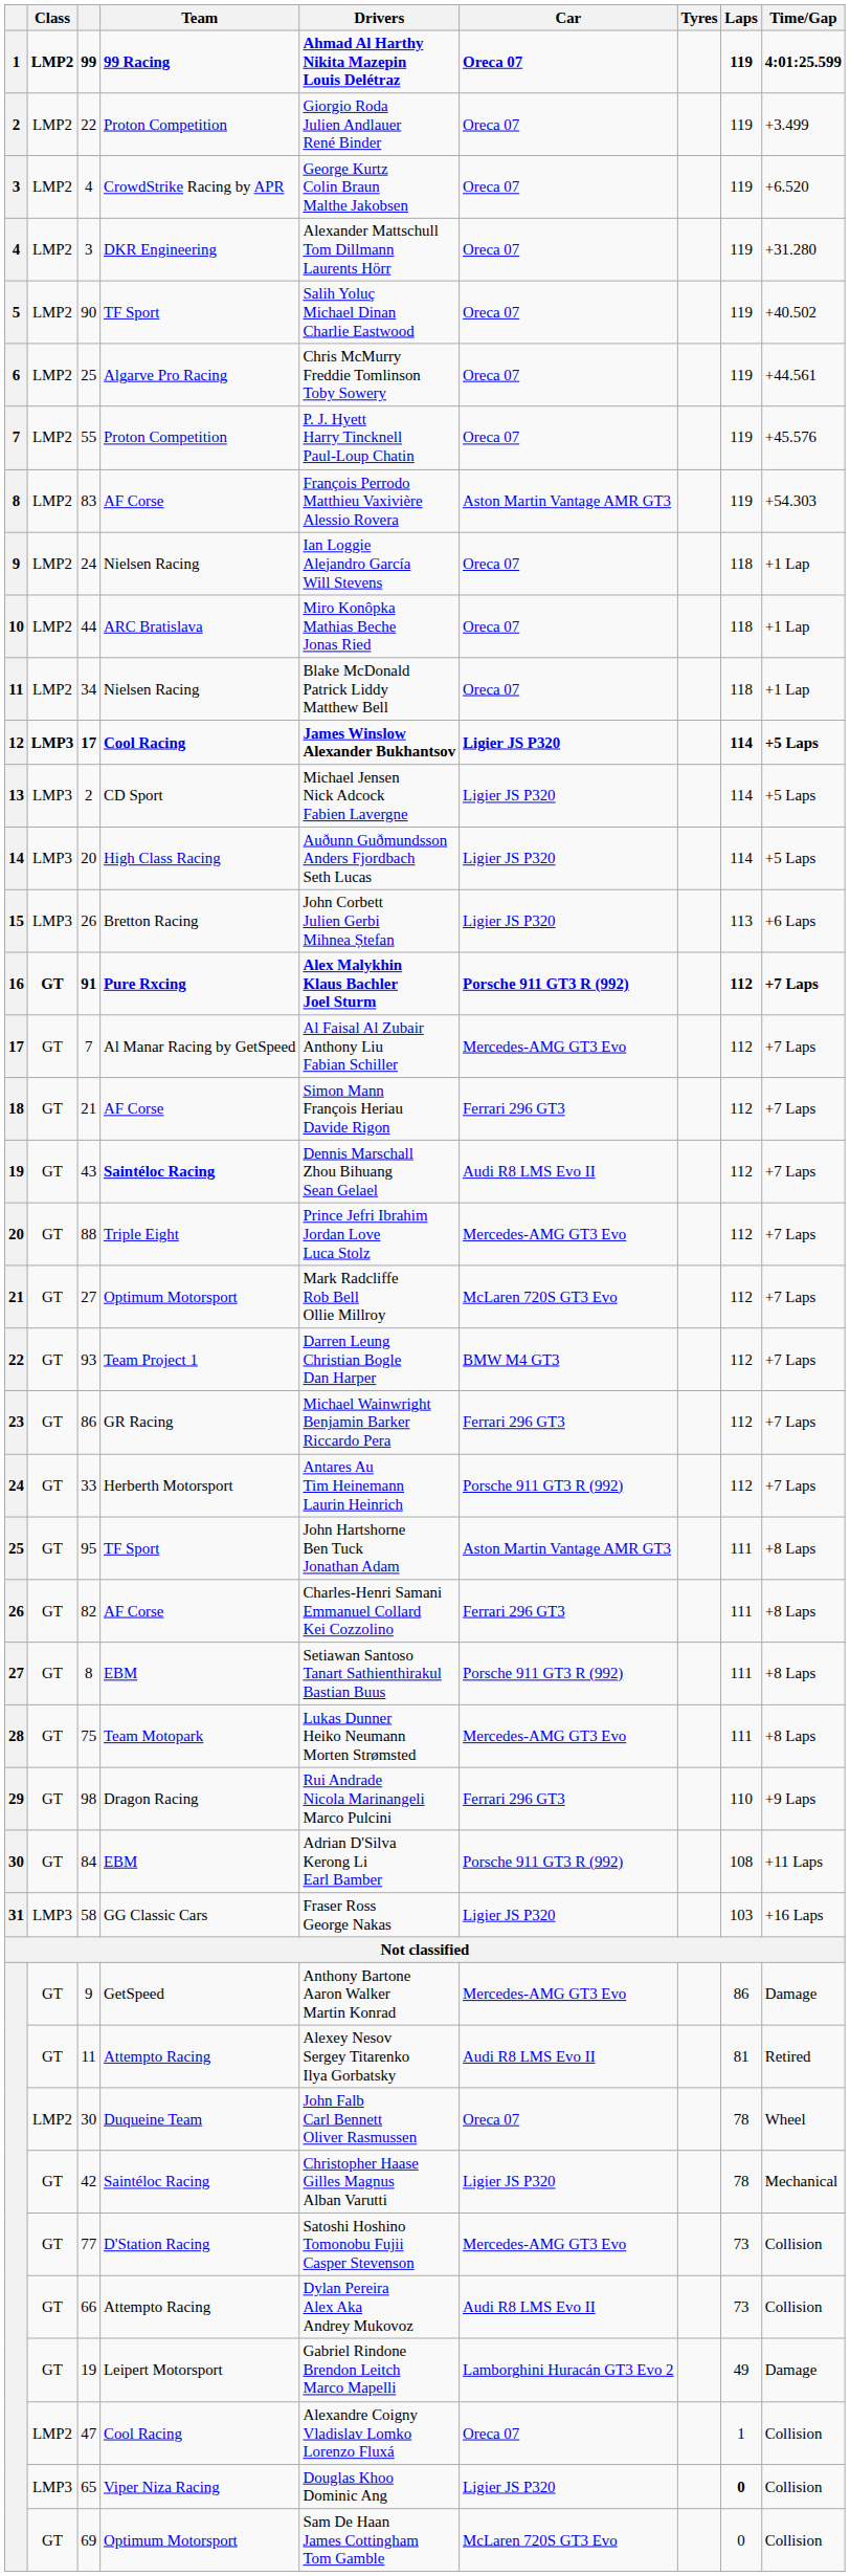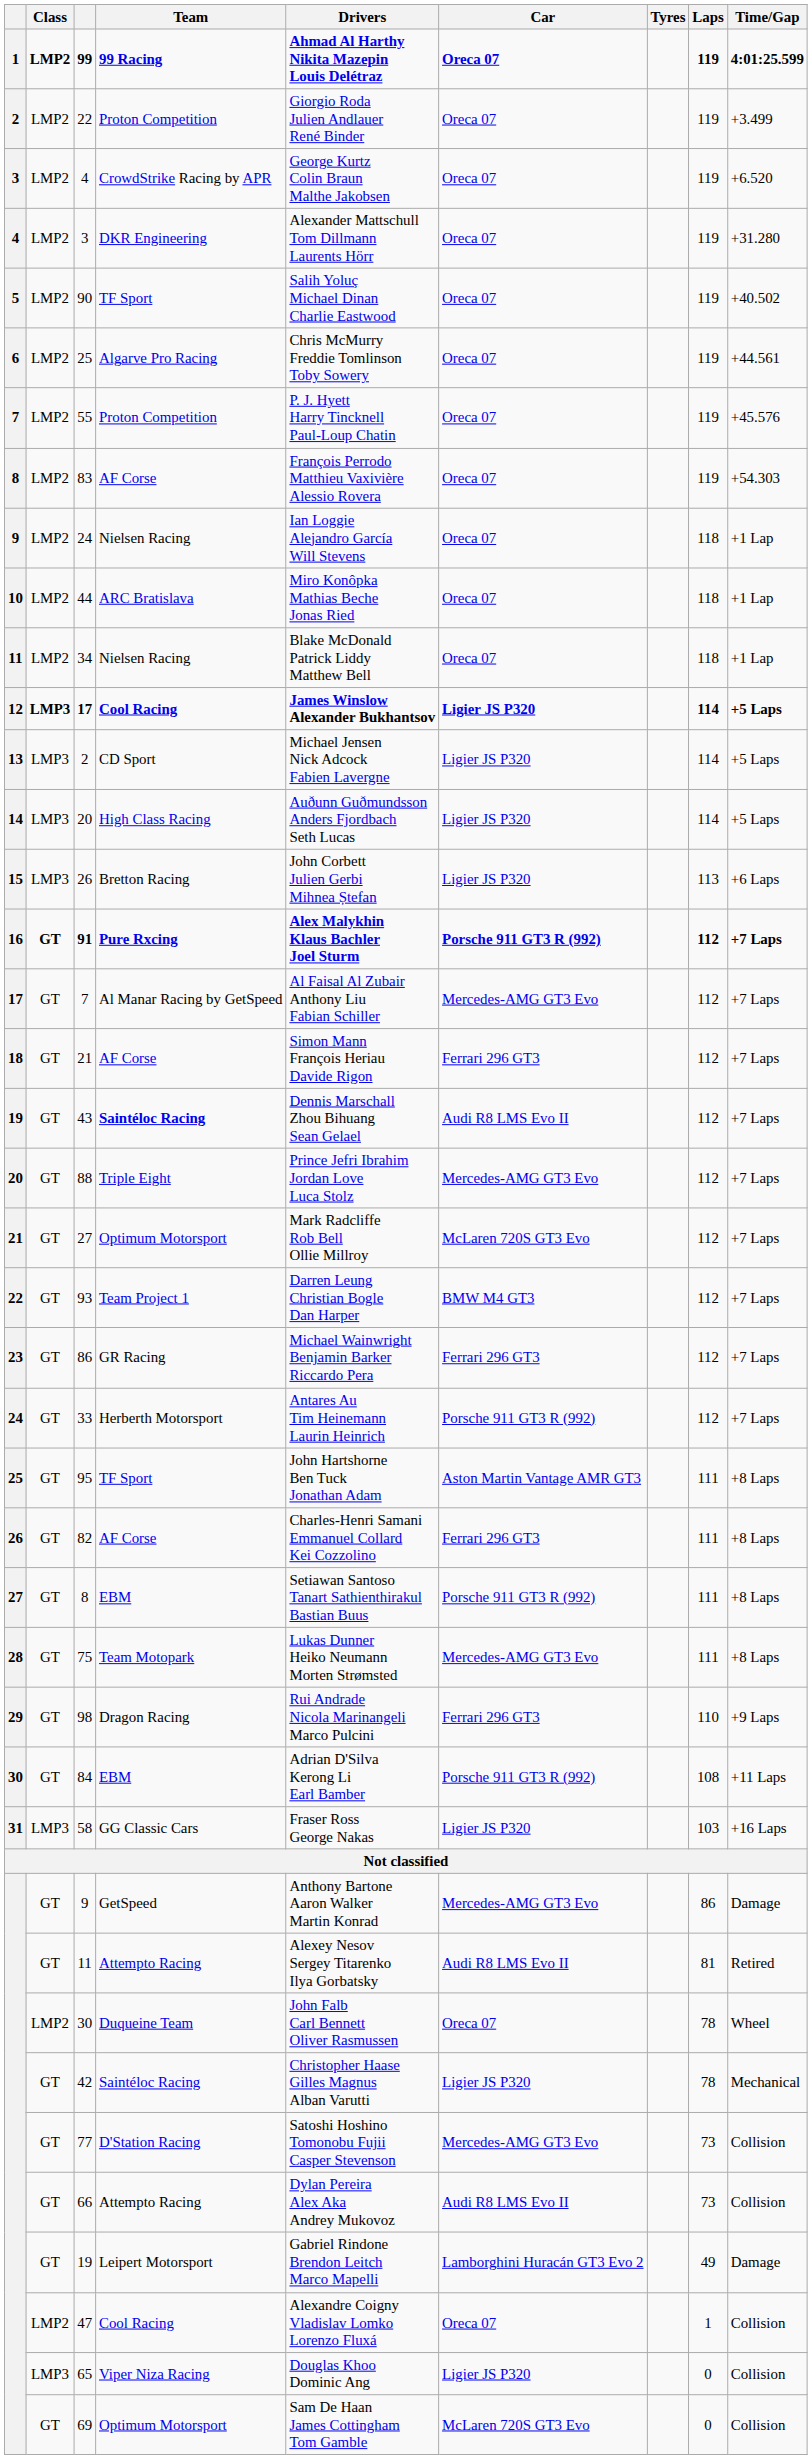 <table class="wikitable" style="font-size:95%;">
 <tr>
 <th></th>
 <th>Class</th>
 <th></th>
 <th>Team</th>
 <th>Drivers</th>
 <th>Car</th>
 <th>Tyres</th>
 <th>Laps</th>
 <th>Time/Gap</th>
 </tr>
 <tr style="font-weight: bold;">
 <th>1</th>
 <td align="center">LMP2</td>
 <td align="center">99</td>
 <td> <a href='#'>99 Racing</a></td>
 <td> <a href='#'>Ahmad Al Harthy</a><br> <a href='#'>Nikita Mazepin</a><br> <a href='#'>Louis Delétraz</a></td>
 <td><a href='#'>Oreca 07</a></td>
 <td align="center"></td>
 <td align="center">119</td>
 <td align="center">4:01:25.599</td>
 </tr>
 <tr>
 <th>2</th>
 <td align="center">LMP2</td>
 <td align="center">22</td>
 <td> <a href='#'>Proton Competition</a></td>
 <td> <a href='#'>Giorgio Roda</a><br> <a href='#'>Julien Andlauer</a><br> <a href='#'>René Binder</a></td>
 <td><a href='#'>Oreca 07</a></td>
 <td align="center"></td>
 <td align="center">119</td>
 <td>+3.499</td>
 </tr>
 <tr>
 <th>3</th>
 <td align="center">LMP2</td>
 <td align="center">4</td>
 <td> <a href='#'>CrowdStrike</a> Racing by <a href='#'>APR</a></td>
 <td> <a href='#'>George Kurtz</a><br> <a href='#'>Colin Braun</a><br> <a href='#'>Malthe Jakobsen</a></td>
 <td><a href='#'>Oreca 07</a></td>
 <td align="center"></td>
 <td align="center">119</td>
 <td>+6.520</td>
 </tr>
 <tr>
 <th>4</th>
 <td align="center">LMP2</td>
 <td align="center">3</td>
 <td> <a href='#'>DKR Engineering</a></td>
 <td> Alexander Mattschull<br> <a href='#'>Tom Dillmann</a><br> <a href='#'>Laurents Hörr</a></td>
 <td><a href='#'>Oreca 07</a></td>
 <td align="center"></td>
 <td align="center">119</td>
 <td>+31.280</td>
 </tr>
 <tr>
 <th>5</th>
 <td align="center">LMP2</td>
 <td align="center">90</td>
 <td> <a href='#'>TF Sport</a></td>
 <td> <a href='#'>Salih Yoluç</a><br> <a href='#'>Michael Dinan</a><br> <a href='#'>Charlie Eastwood</a></td>
 <td><a href='#'>Oreca 07</a></td>
 <td align="center"></td>
 <td align="center">119</td>
 <td>+40.502</td>
 </tr>
 <tr>
 <th>6</th>
 <td align="center">LMP2</td>
 <td align="center">25</td>
 <td> <a href='#'>Algarve Pro Racing</a></td>
 <td> Chris McMurry<br> Freddie Tomlinson<br> <a href='#'>Toby Sowery</a></td>
 <td><a href='#'>Oreca 07</a></td>
 <td align="center"></td>
 <td align="center">119</td>
 <td>+44.561</td>
 </tr>
 <tr>
 <th>7</th>
 <td align="center">LMP2</td>
 <td align="center">55</td>
 <td> <a href='#'>Proton Competition</a></td>
 <td> <a href='#'>P. J. Hyett</a><br> <a href='#'>Harry Tincknell</a><br> <a href='#'>Paul-Loup Chatin</a></td>
 <td><a href='#'>Oreca 07</a></td>
 <td align="center"></td>
 <td align="center">119</td>
 <td>+45.576</td>
 </tr>
 <tr>
 <th>8</th>
 <td align="center">LMP2</td>
 <td align="center">83</td>
 <td> <a href='#'>AF Corse</a></td>
 <td> <a href='#'>François Perrodo</a><br> <a href='#'>Matthieu Vaxivière</a><br> <a href='#'>Alessio Rovera</a></td>
-<td><a href='#'>Aston Martin Vantage AMR GT3</a></td>
+<td><a href='#'>Oreca 07</a></td>
 <td align="center"></td>
 <td align="center">119</td>
 <td>+54.303</td>
 </tr>
 <tr>
 <th>9</th>
 <td align="center">LMP2</td>
 <td align="center">24</td>
 <td> Nielsen Racing</td>
 <td> <a href='#'>Ian Loggie</a><br> <a href='#'>Alejandro García</a><br> <a href='#'>Will Stevens</a></td>
 <td><a href='#'>Oreca 07</a></td>
 <td align="center"></td>
 <td align="center">118</td>
 <td>+1 Lap</td>
 </tr>
 <tr>
 <th>10</th>
 <td align="center">LMP2</td>
 <td align="center">44</td>
 <td> <a href='#'>ARC Bratislava</a></td>
 <td> <a href='#'>Miro Konôpka</a><br> <a href='#'>Mathias Beche</a><br> <a href='#'>Jonas Ried</a></td>
 <td><a href='#'>Oreca 07</a></td>
 <td align="center"></td>
 <td align="center">118</td>
 <td>+1 Lap</td>
 </tr>
 <tr>
 <th>11</th>
 <td align="center">LMP2</td>
 <td align="center">34</td>
 <td> Nielsen Racing</td>
 <td> Blake McDonald<br> Patrick Liddy<br> Matthew Bell</td>
 <td><a href='#'>Oreca 07</a></td>
 <td align="center"></td>
 <td align="center">118</td>
 <td>+1 Lap</td>
 </tr>
 <tr style="font-weight: bold;">
 <th>12</th>
 <td align="center">LMP3</td>
 <td align="center">17</td>
 <td> <a href='#'>Cool Racing</a></td>
 <td> <a href='#'>James Winslow</a><br> Alexander Bukhantsov</td>
 <td><a href='#'>Ligier JS P320</a></td>
 <td align="center"></td>
 <td align="center">114</td>
 <td>+5 Laps</td>
 </tr>
 <tr>
 <th>13</th>
 <td align="center">LMP3</td>
 <td align="center">2</td>
 <td> CD Sport</td>
 <td> Michael Jensen<br> Nick Adcock<br> <a href='#'>Fabien Lavergne</a></td>
 <td><a href='#'>Ligier JS P320</a></td>
 <td align="center"></td>
 <td align="center">114</td>
 <td>+5 Laps</td>
 </tr>
 <tr>
 <th>14</th>
 <td align="center">LMP3</td>
 <td align="center">20</td>
 <td> <a href='#'>High Class Racing</a></td>
 <td> <a href='#'>Auðunn Guðmundsson</a><br> <a href='#'>Anders Fjordbach</a><br> Seth Lucas</td>
 <td><a href='#'>Ligier JS P320</a></td>
 <td align="center"></td>
 <td align="center">114</td>
 <td>+5 Laps</td>
 </tr>
 <tr>
 <th>15</th>
 <td align="center">LMP3</td>
 <td align="center">26</td>
 <td> Bretton Racing</td>
 <td> John Corbett<br> <a href='#'>Julien Gerbi</a><br> <a href='#'>Mihnea Ștefan</a></td>
 <td><a href='#'>Ligier JS P320</a></td>
 <td align="center"></td>
 <td align="center">113</td>
 <td>+6 Laps</td>
 </tr>
 <tr style="font-weight: bold;">
 <th>16</th>
 <td align="center">GT</td>
 <td align="center">91</td>
 <td> <a href='#'>Pure Rxcing</a></td>
 <td> <a href='#'>Alex Malykhin</a><br> <a href='#'>Klaus Bachler</a><br> <a href='#'>Joel Sturm</a></td>
 <td><a href='#'>Porsche 911 GT3 R (992)</a></td>
 <td align="center"></td>
 <td align="center">112</td>
 <td>+7 Laps</td>
 </tr>
 <tr>
 <th>17</th>
 <td align="center">GT</td>
 <td align="center">7</td>
 <td> Al Manar Racing by GetSpeed</td>
 <td> <a href='#'>Al Faisal Al Zubair</a><br> Anthony Liu<br> <a href='#'>Fabian Schiller</a></td>
 <td><a href='#'>Mercedes-AMG GT3 Evo</a></td>
 <td align="center"></td>
 <td align="center">112</td>
 <td>+7 Laps</td>
 </tr>
 <tr>
 <th>18</th>
 <td align="center">GT</td>
 <td align="center">21</td>
 <td> <a href='#'>AF Corse</a></td>
 <td> <a href='#'>Simon Mann</a><br> François Heriau<br> <a href='#'>Davide Rigon</a></td>
 <td><a href='#'>Ferrari 296 GT3</a></td>
 <td align="center"></td>
 <td align="center">112</td>
 <td>+7 Laps</td>
 </tr>
 <tr>
 <th>19</th>
 <td align="center">GT</td>
 <td align="center">43</td>
 <td><strong> <a href='#'>Saintéloc Racing</a></strong></td>
 <td> <a href='#'>Dennis Marschall</a><br> Zhou Bihuang<br> <a href='#'>Sean Gelael</a></td>
 <td><a href='#'>Audi R8 LMS Evo II</a></td>
 <td align="center"></td>
 <td align="center">112</td>
 <td>+7 Laps</td>
 </tr>
 <tr>
 <th>20</th>
 <td align="center">GT</td>
 <td align="center">88</td>
 <td> <a href='#'>Triple Eight</a></td>
 <td> <a href='#'>Prince Jefri Ibrahim</a><br> <a href='#'>Jordan Love</a><br> <a href='#'>Luca Stolz</a></td>
 <td><a href='#'>Mercedes-AMG GT3 Evo</a></td>
 <td align="center"></td>
 <td align="center">112</td>
 <td>+7 Laps</td>
 </tr>
 <tr>
 <th>21</th>
 <td align="center">GT</td>
 <td align="center">27</td>
 <td> <a href='#'>Optimum Motorsport</a></td>
 <td> Mark Radcliffe<br> <a href='#'>Rob Bell</a><br> Ollie Millroy</td>
 <td><a href='#'>McLaren 720S GT3 Evo</a></td>
 <td align="center"></td>
 <td align="center">112</td>
 <td>+7 Laps</td>
 </tr>
 <tr>
 <th>22</th>
 <td align="center">GT</td>
 <td align="center">93</td>
 <td> <a href='#'>Team Project 1</a></td>
 <td> <a href='#'>Darren Leung</a><br> <a href='#'>Christian Bogle</a><br> <a href='#'>Dan Harper</a></td>
 <td><a href='#'>BMW M4 GT3</a></td>
 <td align="center"></td>
 <td align="center">112</td>
 <td>+7 Laps</td>
 </tr>
 <tr>
 <th>23</th>
 <td align="center">GT</td>
 <td align="center">86</td>
 <td> GR Racing</td>
 <td> <a href='#'>Michael Wainwright</a><br> <a href='#'>Benjamin Barker</a><br> <a href='#'>Riccardo Pera</a></td>
 <td><a href='#'>Ferrari 296 GT3</a></td>
 <td align="center"></td>
 <td align="center">112</td>
 <td>+7 Laps</td>
 </tr>
 <tr>
 <th>24</th>
 <td align="center">GT</td>
 <td align="center">33</td>
 <td> Herberth Motorsport</td>
 <td> <a href='#'>Antares Au</a><br> <a href='#'>Tim Heinemann</a><br> <a href='#'>Laurin Heinrich</a></td>
 <td><a href='#'>Porsche 911 GT3 R (992)</a></td>
 <td align="center"></td>
 <td align="center">112</td>
 <td>+7 Laps</td>
 </tr>
 <tr>
 <th>25</th>
 <td align="center">GT</td>
 <td align="center">95</td>
 <td> <a href='#'>TF Sport</a></td>
 <td> John Hartshorne<br> Ben Tuck<br> <a href='#'>Jonathan Adam</a></td>
 <td><a href='#'>Aston Martin Vantage AMR GT3</a></td>
 <td align="center"></td>
 <td align="center">111</td>
 <td>+8 Laps</td>
 </tr>
 <tr>
 <th>26</th>
 <td align="center">GT</td>
 <td align="center">82</td>
 <td> <a href='#'>AF Corse</a></td>
 <td> Charles-Henri Samani<br> <a href='#'>Emmanuel Collard</a><br> <a href='#'>Kei Cozzolino</a></td>
 <td><a href='#'>Ferrari 296 GT3</a></td>
 <td align="center"></td>
 <td align="center">111</td>
 <td>+8 Laps</td>
 </tr>
 <tr>
 <th>27</th>
 <td align="center">GT</td>
 <td align="center">8</td>
 <td> <a href='#'>EBM</a></td>
 <td> Setiawan Santoso<br> <a href='#'>Tanart Sathienthirakul</a><br> <a href='#'>Bastian Buus</a></td>
 <td><a href='#'>Porsche 911 GT3 R (992)</a></td>
 <td align="center"></td>
 <td align="center">111</td>
 <td>+8 Laps</td>
 </tr>
 <tr>
 <th>28</th>
 <td align="center">GT</td>
 <td align="center">75</td>
 <td> <a href='#'>Team Motopark</a></td>
 <td> <a href='#'>Lukas Dunner</a><br> Heiko Neumann<br> Morten Strømsted</td>
 <td><a href='#'>Mercedes-AMG GT3 Evo</a></td>
 <td align="center"></td>
 <td align="center">111</td>
 <td>+8 Laps</td>
 </tr>
 <tr>
 <th>29</th>
 <td align="center">GT</td>
 <td align="center">98</td>
 <td> Dragon Racing</td>
 <td> <a href='#'>Rui Andrade</a><br> <a href='#'>Nicola Marinangeli</a><br> Marco Pulcini</td>
 <td><a href='#'>Ferrari 296 GT3</a></td>
 <td align="center"></td>
 <td align="center">110</td>
 <td>+9 Laps</td>
 </tr>
 <tr>
 <th>30</th>
 <td align="center">GT</td>
 <td align="center">84</td>
 <td> <a href='#'>EBM</a></td>
 <td> Adrian D'Silva<br> Kerong Li<br> <a href='#'>Earl Bamber</a></td>
 <td><a href='#'>Porsche 911 GT3 R (992)</a></td>
 <td align="center"></td>
 <td align="center">108</td>
 <td>+11 Laps</td>
 </tr>
 <tr>
 <th>31</th>
 <td align="center">LMP3</td>
 <td align="center">58</td>
 <td> GG Classic Cars</td>
 <td> Fraser Ross<br> George Nakas</td>
 <td><a href='#'>Ligier JS P320</a></td>
 <td align="center"></td>
 <td align="center">103</td>
 <td>+16 Laps</td>
 </tr>
 <tr>
 <th colspan="9">Not classified</th>
 </tr>
 <tr>
 <th rowspan="10"></th>
 <td align="center">GT</td>
 <td align="center">9</td>
 <td> GetSpeed</td>
 <td> Anthony Bartone<br> Aaron Walker<br> Martin Konrad</td>
 <td><a href='#'>Mercedes-AMG GT3 Evo</a></td>
 <td align="center"></td>
 <td align="center">86</td>
 <td>Damage</td>
 </tr>
 <tr>
 <td align="center">GT</td>
 <td align="center">11</td>
 <td> <a href='#'>Attempto Racing</a></td>
 <td> Alexey Nesov<br> Sergey Titarenko<br> Ilya Gorbatsky</td>
 <td><a href='#'>Audi R8 LMS Evo II</a></td>
 <td align="center"></td>
 <td align="center">81</td>
 <td>Retired</td>
 </tr>
 <tr>
 <td align="center">LMP2</td>
 <td align="center">30</td>
 <td> <a href='#'>Duqueine Team</a></td>
 <td> <a href='#'>John Falb</a><br> <a href='#'>Carl Bennett</a><br> <a href='#'>Oliver Rasmussen</a></td>
 <td><a href='#'>Oreca 07</a></td>
 <td align="center"></td>
 <td align="center">78</td>
 <td>Wheel</td>
 </tr>
 <tr>
 <td align="center">GT</td>
 <td align="center">42</td>
 <td> <a href='#'>Saintéloc Racing</a></td>
 <td> <a href='#'>Christopher Haase</a><br> <a href='#'>Gilles Magnus</a><br> Alban Varutti</td>
 <td><a href='#'>Ligier JS P320</a></td>
 <td align="center"></td>
 <td align="center">78</td>
 <td>Mechanical</td>
 </tr>
 <tr>
 <td align="center">GT</td>
 <td align="center">77</td>
 <td> <a href='#'>D'Station Racing</a></td>
 <td> Satoshi Hoshino<br> <a href='#'>Tomonobu Fujii</a><br> <a href='#'>Casper Stevenson</a></td>
 <td><a href='#'>Mercedes-AMG GT3 Evo</a></td>
 <td align="center"></td>
 <td align="center">73</td>
 <td>Collision</td>
 </tr>
 <tr>
 <td align="center">GT</td>
 <td align="center">66</td>
 <td> Attempto Racing</td>
 <td> <a href='#'>Dylan Pereira</a><br> <a href='#'>Alex Aka</a><br> Andrey Mukovoz</td>
 <td><a href='#'>Audi R8 LMS Evo II</a></td>
 <td align="center"></td>
 <td align="center">73</td>
 <td>Collision</td>
 </tr>
 <tr>
 <td align="center">GT</td>
 <td align="center">19</td>
 <td> Leipert Motorsport</td>
 <td> Gabriel Rindone<br> <a href='#'>Brendon Leitch</a><br> <a href='#'>Marco Mapelli</a></td>
 <td><a href='#'>Lamborghini Huracán GT3 Evo 2</a></td>
 <td align="center"></td>
 <td align="center">49</td>
 <td>Damage</td>
 </tr>
 <tr>
 <td align="center">LMP2</td>
 <td align="center">47</td>
 <td> <a href='#'>Cool Racing</a></td>
 <td> Alexandre Coigny<br> <a href='#'>Vladislav Lomko</a><br> <a href='#'>Lorenzo Fluxá</a></td>
 <td><a href='#'>Oreca 07</a></td>
 <td align="center"></td>
 <td align="center">1</td>
 <td>Collision</td>
 </tr>
 <tr>
 <td align="center">LMP3</td>
 <td align="center">65</td>
 <td> <a href='#'>Viper Niza Racing</a></td>
 <td> <a href='#'>Douglas Khoo</a><br> Dominic Ang</td>
 <td><a href='#'>Ligier JS P320</a></td>
 <td align="center"></td>
-<td align="center"><strong>0</strong></td>
+<td align="center">0</td>
 <td>Collision</td>
 </tr>
 <tr>
 <td align="center">GT</td>
 <td align="center">69</td>
 <td> <a href='#'>Optimum Motorsport</a></td>
 <td> Sam De Haan<br> <a href='#'>James Cottingham</a><br> <a href='#'>Tom Gamble</a></td>
 <td><a href='#'>McLaren 720S GT3 Evo</a></td>
 <td align="center"></td>
 <td align="center">0</td>
 <td>Collision</td>
 </tr>
 </table>
